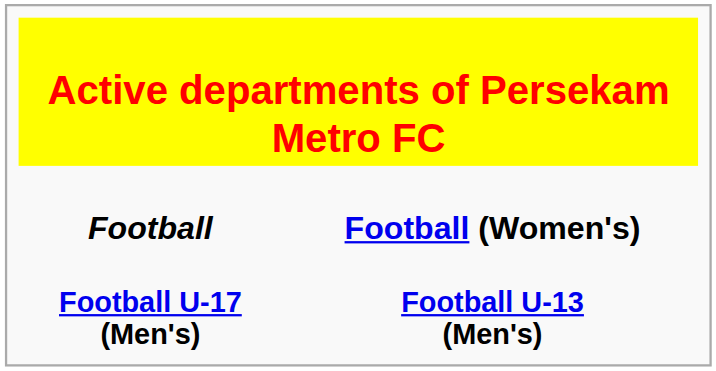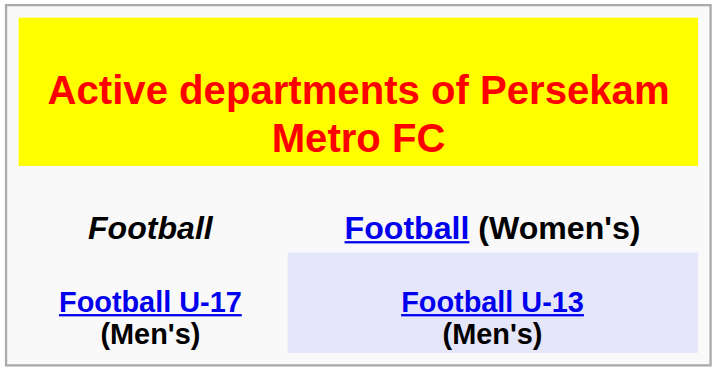 <table class="infobox" style="font-size: 88%; width: 22em; text-align: center">
 <tr>
 <th colspan=3 style="font-size: 125%; background-color:yellow; color:red; text-align:center;"><br>Active departments of Persekam Metro FC</th>
 </tr>
 <tr style="text-align: center">
 <td><br><strong><em>Football</em></strong></td>
 <td><br><strong><a href='#'>Football</a> (Women's)</strong></td>
 </tr>
 <tr style="font-size: 90%; text-align: center">
 <td><br><strong><a href='#'>Football U-17</a><br> (Men's)</strong></td>
-<td><br><strong><a href='#'>Football U-13</a><br> (Men's)</strong></td>
+<td style="background: lavender;"><br><strong><a href='#'>Football U-13</a><br> (Men's)</strong></td>
 </tr>
 </table>
